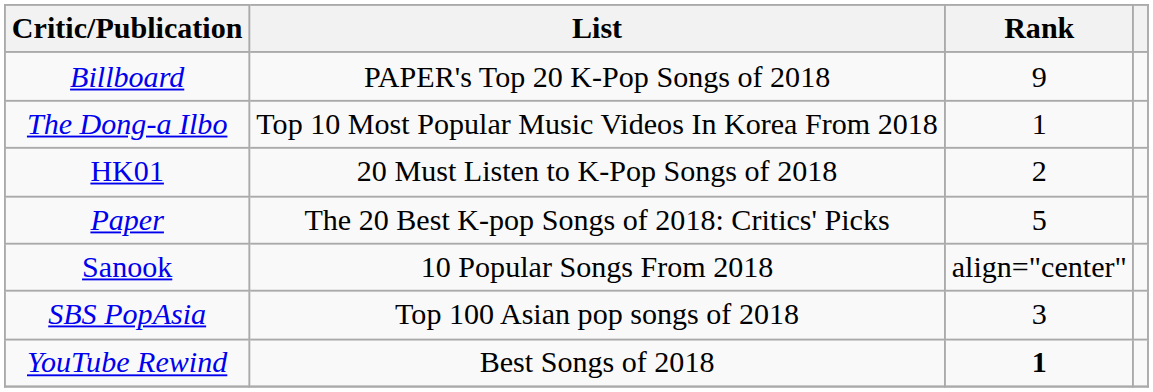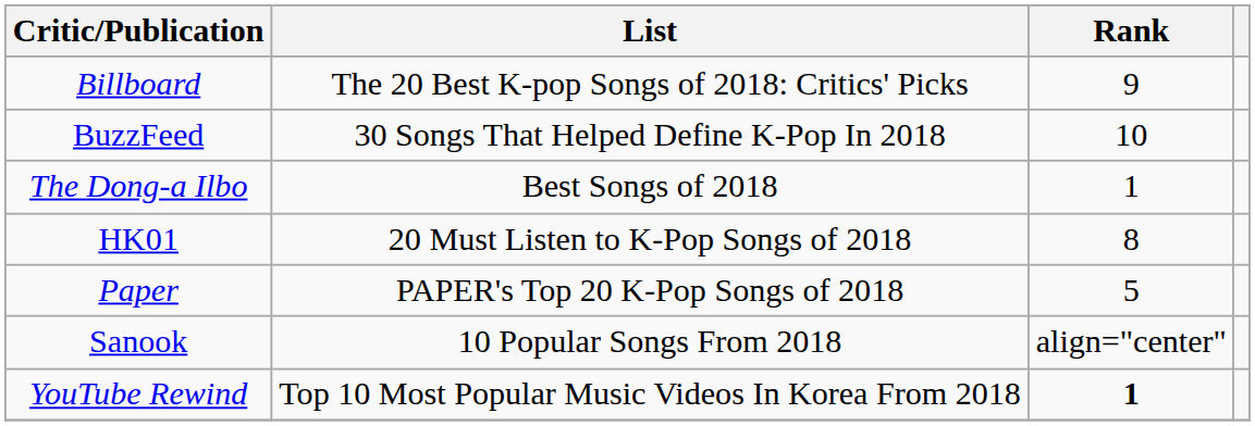 <table class="sortable wikitable">
 <tr>
 <th>Critic/Publication</th>
 <th>List</th>
 <th>Rank</th>
 <th class="unsortable"></th>
 </tr>
 <tr>
 <td align="center"><em><a href='#'>Billboard</a></em></td>
-<td align="center">PAPER's Top 20 K-Pop Songs of 2018</td>
+<td align="center">The 20 Best K-pop Songs of 2018: Critics' Picks</td>
 <td align="center">9</td>
 <td></td>
 </tr>
 <tr>
+<td align="center"><a href='#'>BuzzFeed</a></td>
+<td align="center">30 Songs That Helped Define K-Pop In 2018</td>
+<td align="center">10</td>
+<td></td>
+</tr>
+<tr>
 <td align="center"><em><a href='#'>The Dong-a Ilbo</a></em></td>
-<td align="center">Top 10 Most Popular Music Videos In Korea From 2018</td>
+<td align="center">Best Songs of 2018</td>
 <td align="center">1</td>
 <td></td>
 </tr>
 <tr>
 <td align="center"><a href='#'>HK01</a></td>
 <td align="center">20 Must Listen to K-Pop Songs of 2018</td>
-<td align="center">2</td>
+<td align="center">8</td>
 <td></td>
 </tr>
 <tr>
 <td align="center"><em><a href='#'>Paper</a></em></td>
-<td align="center">The 20 Best K-pop Songs of 2018: Critics' Picks</td>
+<td align="center">PAPER's Top 20 K-Pop Songs of 2018</td>
 <td align="center">5</td>
 <td></td>
 </tr>
 <tr>
 <td align="center"><a href='#'>Sanook</a></td>
 <td align="center">10 Popular Songs From 2018</td>
 <td>align="center" </td>
 <td></td>
 </tr>
 <tr>
-<td align="center"><em><a href='#'>SBS PopAsia</a></em></td>
-<td align="center">Top 100 Asian pop songs of 2018</td>
-<td align="center">3</td>
-<td></td>
-</tr>
-<tr>
 <td align="center"><em><a href='#'>YouTube Rewind</a></em></td>
-<td align="center">Best Songs of 2018</td>
+<td align="center">Top 10 Most Popular Music Videos In Korea From 2018</td>
 <td align="center"><strong>1</strong></td>
 <td></td>
 </tr>
 <tr>
 </tr>
 </table>
